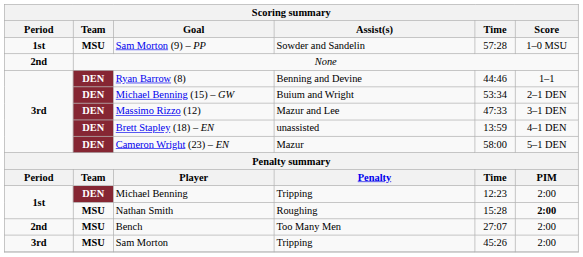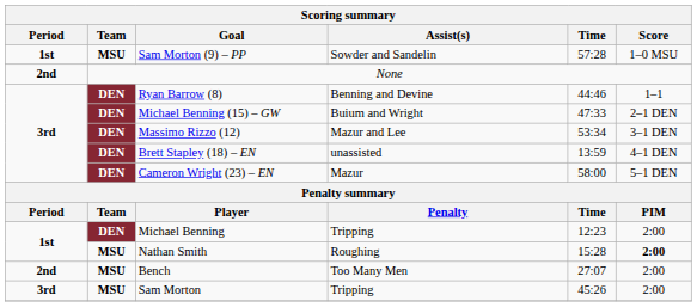 <table style="width:100%;" class="wikitable">
 <tr>
 <th colspan=6>Scoring summary</th>
 </tr>
 <tr>
 <th style="width:12%;">Period</th>
 <th style="width:7%;">Team</th>
 <th style="width:28%;">Goal</th>
 <th style="width:35%;">Assist(s)</th>
 <th style="width:7%;">Time</th>
 <th style="width:11%;">Score</th>
 </tr>
 <tr>
 <td style="text-align:center;" rowspan="1"><strong>1st</strong></td>
 <td align=center><strong>MSU</strong></td>
 <td><a href='#'>Sam Morton</a> (9) – <em>PP</em></td>
 <td>Sowder and Sandelin</td>
 <td align=center>57:28</td>
 <td align=center>1–0 MSU</td>
 </tr>
 <tr>
 <td style="text-align:center;" rowspan="1"><strong>2nd</strong></td>
 <td style="text-align:center;" colspan="5"><em>None</em></td>
 </tr>
 <tr>
 <td style="text-align:center;" rowspan="5"><strong>3rd</strong></td>
 <td align=center style="color:white; background:#862633; "><strong>DEN</strong></td>
 <td><a href='#'>Ryan Barrow</a> (8)</td>
 <td>Benning and Devine</td>
 <td align=center>44:46</td>
 <td align=center>1–1</td>
 </tr>
 <tr>
 <td align=center style="color:white; background:#862633; "><strong>DEN</strong></td>
 <td><a href='#'>Michael Benning</a> (15) – <em>GW</em></td>
 <td>Buium and Wright</td>
-<td align=center>53:34</td>
+<td align=center>47:33</td>
 <td align=center>2–1 DEN</td>
 </tr>
 <tr>
 <td align=center style="color:white; background:#862633; "><strong>DEN</strong></td>
 <td><a href='#'>Massimo Rizzo</a> (12)</td>
 <td>Mazur and Lee</td>
-<td align=center>47:33</td>
+<td align=center>53:34</td>
 <td align=center>3–1 DEN</td>
 </tr>
 <tr>
 <td align=center style="color:white; background:#862633; "><strong>DEN</strong></td>
 <td><a href='#'>Brett Stapley</a> (18) – <em>EN</em></td>
 <td>unassisted</td>
 <td align=center>13:59</td>
 <td align=center>4–1 DEN</td>
 </tr>
 <tr>
 <td align=center style="color:white; background:#862633; "><strong>DEN</strong></td>
 <td><a href='#'>Cameron Wright</a> (23) – <em>EN</em></td>
 <td>Mazur</td>
 <td align=center>58:00</td>
 <td align=center>5–1 DEN</td>
 </tr>
 <tr>
 <th colspan=6>Penalty summary</th>
 </tr>
 <tr>
 <th style="width:12%;">Period</th>
 <th style="width:7%;">Team</th>
 <th style="width:28%;">Player</th>
 <th style="width:35%;"><a href='#'>Penalty</a></th>
 <th style="width:7%;">Time</th>
 <th style="width:11%;">PIM</th>
 </tr>
 <tr>
 <td style="text-align:center;" rowspan="2"><strong>1st</strong></td>
 <td align=center style="color:white; background:#862633; "><strong>DEN</strong></td>
 <td>Michael Benning</td>
 <td>Tripping</td>
 <td align=center>12:23</td>
 <td align=center>2:00</td>
 </tr>
 <tr>
 <td align=center><strong>MSU</strong></td>
 <td>Nathan Smith</td>
 <td>Roughing</td>
 <td align=center>15:28</td>
 <td align=center><strong>2:00</strong></td>
 </tr>
 <tr>
 <td style="text-align:center;" rowspan="1"><strong>2nd</strong></td>
 <td align=center><strong>MSU</strong></td>
 <td>Bench</td>
 <td>Too Many Men</td>
 <td align=center>27:07</td>
 <td align=center>2:00</td>
 </tr>
 <tr>
 <td style="text-align:center;" rowspan="1"><strong>3rd</strong></td>
 <td align=center><strong>MSU</strong></td>
 <td>Sam Morton</td>
 <td>Tripping</td>
 <td align=center>45:26</td>
 <td align=center>2:00</td>
 </tr>
 <tr>
 </tr>
 </table>
